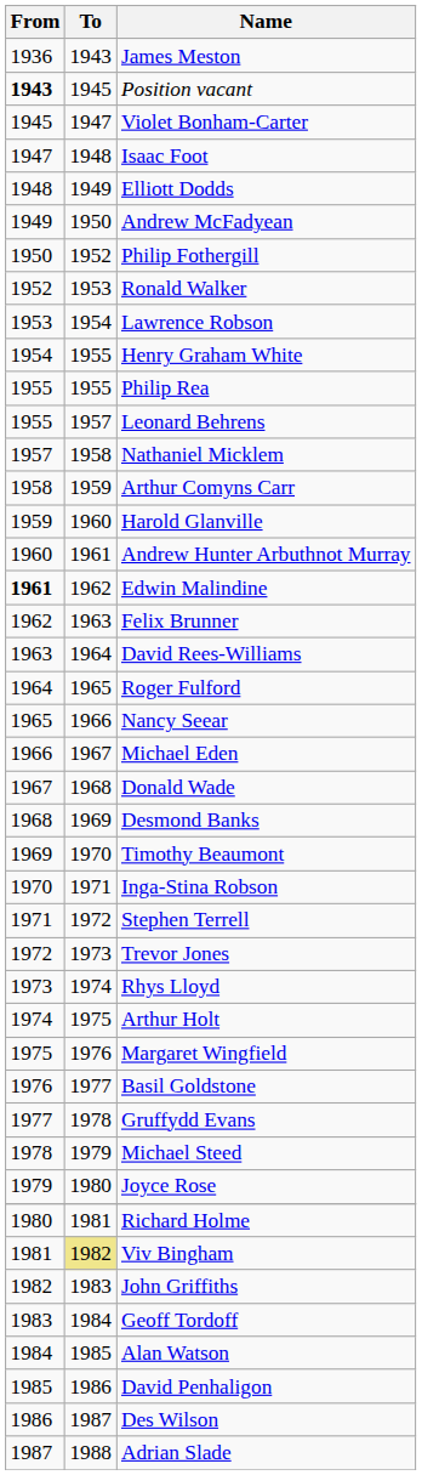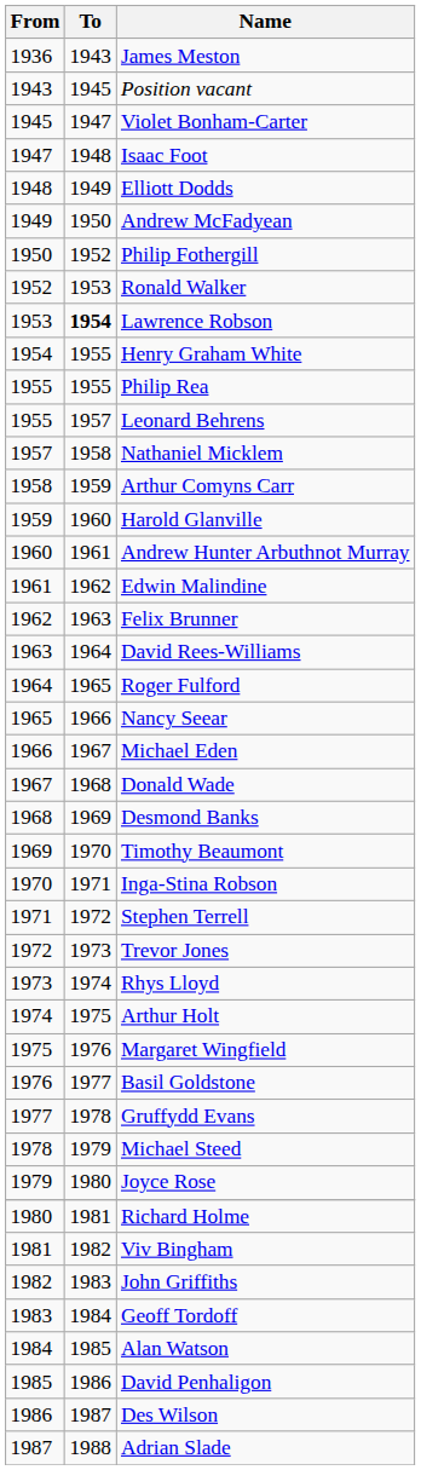 <table class="wikitable sortable">
 <tr>
 <th>From</th>
 <th>To</th>
 <th>Name</th>
 </tr>
 <tr>
 <td>1936</td>
 <td>1943</td>
 <td><a href='#'>James Meston</a></td>
 </tr>
 <tr>
-<td><strong>1943</strong></td>
+<td>1943</td>
 <td>1945</td>
 <td><em>Position vacant</em></td>
 </tr>
 <tr>
 <td>1945</td>
 <td>1947</td>
 <td><a href='#'>Violet Bonham-Carter</a></td>
 </tr>
 <tr>
 <td>1947</td>
 <td>1948</td>
 <td><a href='#'>Isaac Foot</a></td>
 </tr>
 <tr>
 <td>1948</td>
 <td>1949</td>
 <td><a href='#'>Elliott Dodds</a></td>
 </tr>
 <tr>
 <td>1949</td>
 <td>1950</td>
 <td><a href='#'>Andrew McFadyean</a></td>
 </tr>
 <tr>
 <td>1950</td>
 <td>1952</td>
 <td><a href='#'>Philip Fothergill</a></td>
 </tr>
 <tr>
 <td>1952</td>
 <td>1953</td>
 <td><a href='#'>Ronald Walker</a></td>
 </tr>
 <tr>
 <td>1953</td>
-<td>1954</td>
+<td><strong>1954</strong></td>
 <td><a href='#'>Lawrence Robson</a></td>
 </tr>
 <tr>
 <td>1954</td>
 <td>1955</td>
 <td><a href='#'>Henry Graham White</a></td>
 </tr>
 <tr>
 <td>1955</td>
 <td>1955</td>
 <td><a href='#'>Philip Rea</a></td>
 </tr>
 <tr>
 <td>1955</td>
 <td>1957</td>
 <td><a href='#'>Leonard Behrens</a></td>
 </tr>
 <tr>
 <td>1957</td>
 <td>1958</td>
 <td><a href='#'>Nathaniel Micklem</a></td>
 </tr>
 <tr>
 <td>1958</td>
 <td>1959</td>
 <td><a href='#'>Arthur Comyns Carr</a></td>
 </tr>
 <tr>
 <td>1959</td>
 <td>1960</td>
 <td><a href='#'>Harold Glanville</a></td>
 </tr>
 <tr>
 <td>1960</td>
 <td>1961</td>
 <td><a href='#'>Andrew Hunter Arbuthnot Murray</a></td>
 </tr>
 <tr>
-<td><strong>1961</strong></td>
+<td>1961</td>
 <td>1962</td>
 <td><a href='#'>Edwin Malindine</a></td>
 </tr>
 <tr>
 <td>1962</td>
 <td>1963</td>
 <td><a href='#'>Felix Brunner</a></td>
 </tr>
 <tr>
 <td>1963</td>
 <td>1964</td>
 <td><a href='#'>David Rees-Williams</a></td>
 </tr>
 <tr>
 <td>1964</td>
 <td>1965</td>
 <td><a href='#'>Roger Fulford</a></td>
 </tr>
 <tr>
 <td>1965</td>
 <td>1966</td>
 <td><a href='#'>Nancy Seear</a></td>
 </tr>
 <tr>
 <td>1966</td>
 <td>1967</td>
 <td><a href='#'>Michael Eden</a></td>
 </tr>
 <tr>
 <td>1967</td>
 <td>1968</td>
 <td><a href='#'>Donald Wade</a></td>
 </tr>
 <tr>
 <td>1968</td>
 <td>1969</td>
 <td><a href='#'>Desmond Banks</a></td>
 </tr>
 <tr>
 <td>1969</td>
 <td>1970</td>
 <td><a href='#'>Timothy Beaumont</a></td>
 </tr>
 <tr>
 <td>1970</td>
 <td>1971</td>
 <td><a href='#'>Inga-Stina Robson</a></td>
 </tr>
 <tr>
 <td>1971</td>
 <td>1972</td>
 <td><a href='#'>Stephen Terrell</a></td>
 </tr>
 <tr>
 <td>1972</td>
 <td>1973</td>
 <td><a href='#'>Trevor Jones</a></td>
 </tr>
 <tr>
 <td>1973</td>
 <td>1974</td>
 <td><a href='#'>Rhys Lloyd</a></td>
 </tr>
 <tr>
 <td>1974</td>
 <td>1975</td>
 <td><a href='#'>Arthur Holt</a></td>
 </tr>
 <tr>
 <td>1975</td>
 <td>1976</td>
 <td><a href='#'>Margaret Wingfield</a></td>
 </tr>
 <tr>
 <td>1976</td>
 <td>1977</td>
 <td><a href='#'>Basil Goldstone</a></td>
 </tr>
 <tr>
 <td>1977</td>
 <td>1978</td>
 <td><a href='#'>Gruffydd Evans</a></td>
 </tr>
 <tr>
 <td>1978</td>
 <td>1979</td>
 <td><a href='#'>Michael Steed</a></td>
 </tr>
 <tr>
 <td>1979</td>
 <td>1980</td>
 <td><a href='#'>Joyce Rose</a></td>
 </tr>
 <tr>
 </tr>
 <tr>
 <td>1980</td>
 <td>1981</td>
 <td><a href='#'>Richard Holme</a></td>
 </tr>
 <tr>
 <td>1981</td>
-<td style="background: khaki;">1982</td>
+<td>1982</td>
 <td><a href='#'>Viv Bingham</a></td>
 </tr>
 <tr>
 <td>1982</td>
 <td>1983</td>
 <td><a href='#'>John Griffiths</a></td>
 </tr>
 <tr>
 <td>1983</td>
 <td>1984</td>
 <td><a href='#'>Geoff Tordoff</a></td>
 </tr>
 <tr>
 <td>1984</td>
 <td>1985</td>
 <td><a href='#'>Alan Watson</a></td>
 </tr>
 <tr>
 <td>1985</td>
 <td>1986</td>
 <td><a href='#'>David Penhaligon</a></td>
 </tr>
 <tr>
 <td>1986</td>
 <td>1987</td>
 <td><a href='#'>Des Wilson</a></td>
 </tr>
 <tr>
 <td>1987</td>
 <td>1988</td>
 <td><a href='#'>Adrian Slade</a></td>
 </tr>
 </table>
